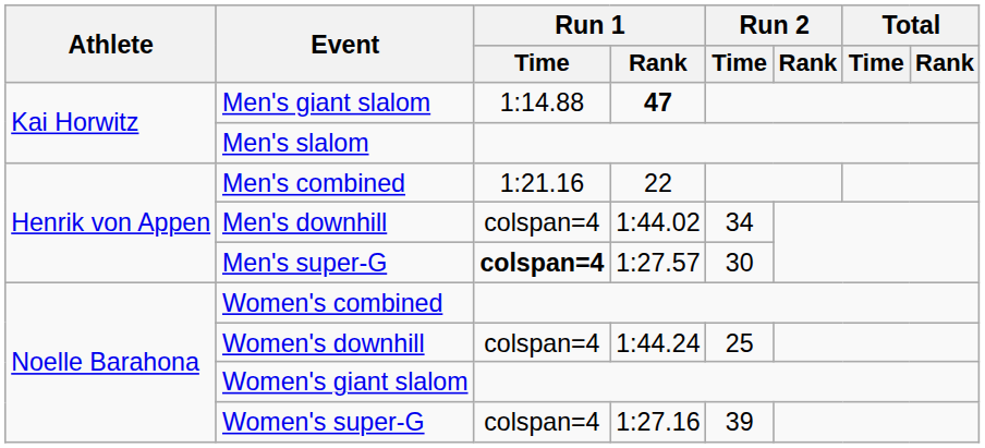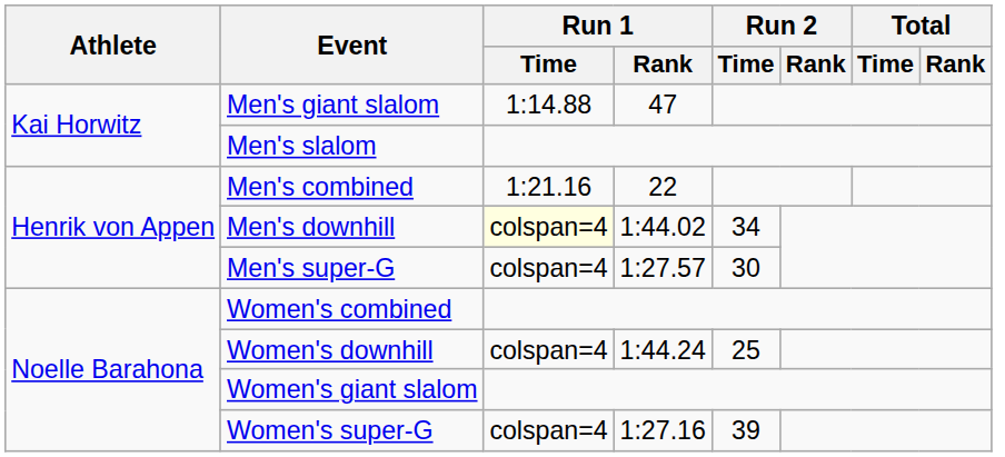 <table class="wikitable" style="font-size:90%">
 <tr>
 <th rowspan=2>Athlete</th>
 <th rowspan=2>Event</th>
 <th colspan=2>Run 1</th>
 <th colspan=2>Run 2</th>
 <th colspan=2>Total</th>
 </tr>
 <tr style="font-size:95%">
 <th>Time</th>
 <th>Rank</th>
 <th>Time</th>
 <th>Rank</th>
 <th>Time</th>
 <th>Rank</th>
 </tr>
 <tr align=center>
 <td align=left rowspan=2><a href='#'>Kai Horwitz</a></td>
 <td align=left><a href='#'>Men's giant slalom</a></td>
 <td>1:14.88</td>
-<td><strong>47</strong></td>
+<td>47</td>
 <td colspan=4></td>
 </tr>
 <tr align=center>
 <td align=left><a href='#'>Men's slalom</a></td>
 <td colspan=6></td>
 </tr>
 <tr align=center>
 <td align=left rowspan=3><a href='#'>Henrik von Appen</a></td>
 <td align=left><a href='#'>Men's combined</a></td>
 <td>1:21.16</td>
 <td>22</td>
 <td colspan=2></td>
 <td colspan=2></td>
 </tr>
 <tr align=center>
 <td align=left><a href='#'>Men's downhill</a></td>
-<td>colspan=4 </td>
+<td style="background: lightyellow;">colspan=4 </td>
 <td>1:44.02</td>
 <td>34</td>
 </tr>
 <tr align=center>
 <td align=left><a href='#'>Men's super-G</a></td>
-<td><strong>colspan=4 </strong></td>
+<td>colspan=4 </td>
 <td>1:27.57</td>
 <td>30</td>
 </tr>
 <tr align=center>
 <td align=left rowspan=4><a href='#'>Noelle Barahona</a></td>
 <td align=left><a href='#'>Women's combined</a></td>
 <td colspan=6></td>
 </tr>
 <tr align=center>
 <td align=left><a href='#'>Women's downhill</a></td>
 <td>colspan=4 </td>
 <td>1:44.24</td>
 <td>25</td>
 </tr>
 <tr align=center>
 <td align=left><a href='#'>Women's giant slalom</a></td>
 <td colspan=6></td>
 </tr>
 <tr align=center>
 <td align=left><a href='#'>Women's super-G</a></td>
 <td>colspan=4 </td>
 <td>1:27.16</td>
 <td>39</td>
 </tr>
 </table>
